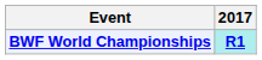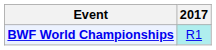 <table style='font-size: 90%; text-align:center;' class='wikitable'>
 <tr>
 <th>Event</th>
 <th>2017</th>
 </tr>
 <tr>
 <td bgcolor="#ECF2FF"; align="left"><strong><a href='#'>BWF World Championships</a></strong></td>
-<td bgcolor=AFEEEE><strong><a href='#'>R1</a></strong></td>
+<td bgcolor=AFEEEE><a href='#'>R1</a></td>
 </tr>
 </table>
